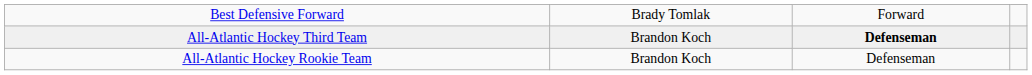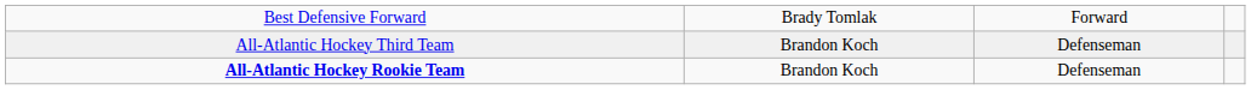 <table class="wikitable" width="60%">
 <tr align="center" bgcolor="">
 <td><a href='#'>Best Defensive Forward</a></td>
 <td>Brady Tomlak</td>
 <td>Forward</td>
 <td></td>
 </tr>
 <tr align="center" bgcolor="f0f0f0">
 <td><a href='#'>All-Atlantic Hockey Third Team</a></td>
 <td>Brandon Koch</td>
-<td><strong>Defenseman</strong></td>
+<td>Defenseman</td>
 <td></td>
 </tr>
 <tr align="center" bgcolor="">
-<td><a href='#'>All-Atlantic Hockey Rookie Team</a></td>
+<td><strong><a href='#'>All-Atlantic Hockey Rookie Team</a></strong></td>
 <td>Brandon Koch</td>
 <td>Defenseman</td>
 <td></td>
 </tr>
 </table>
